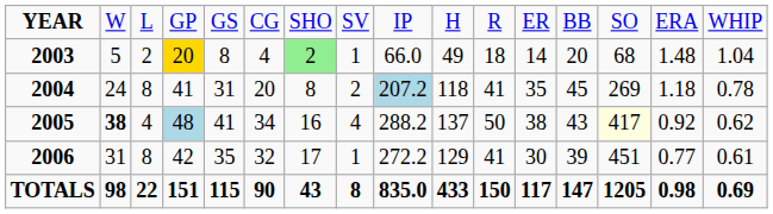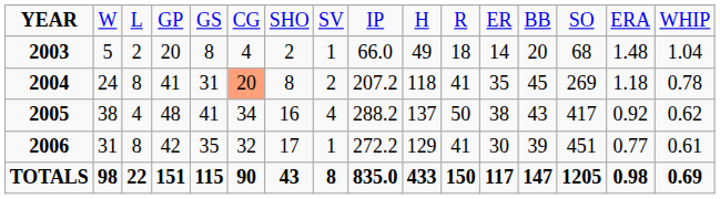 <table class="wikitable">
 <tr align=center>
 <td><strong>YEAR</strong></td>
 <td><a href='#'>W</a></td>
 <td><a href='#'>L</a></td>
 <td><a href='#'>GP</a></td>
 <td><a href='#'>GS</a></td>
 <td><a href='#'>CG</a></td>
 <td><a href='#'>SHO</a></td>
 <td><a href='#'>SV</a></td>
 <td><a href='#'>IP</a></td>
 <td><a href='#'>H</a></td>
 <td><a href='#'>R</a></td>
 <td><a href='#'>ER</a></td>
 <td><a href='#'>BB</a></td>
 <td><a href='#'>SO</a></td>
 <td><a href='#'>ERA</a></td>
 <td><a href='#'>WHIP</a></td>
 </tr>
 <tr align=center>
 <td><strong>2003</strong></td>
 <td>5</td>
 <td>2</td>
-<td style="background: gold;">20</td>
+<td>20</td>
 <td>8</td>
 <td>4</td>
-<td style="background: lightgreen;">2</td>
+<td>2</td>
 <td>1</td>
 <td>66.0</td>
 <td>49</td>
 <td>18</td>
 <td>14</td>
 <td>20</td>
 <td>68</td>
 <td>1.48</td>
 <td>1.04</td>
 </tr>
 <tr align=center>
 <td><strong>2004</strong></td>
 <td>24</td>
 <td>8</td>
 <td>41</td>
 <td>31</td>
-<td>20</td>
+<td style="background: lightsalmon;">20</td>
 <td>8</td>
 <td>2</td>
-<td style="background: lightblue;">207.2</td>
+<td>207.2</td>
 <td>118</td>
 <td>41</td>
 <td>35</td>
 <td>45</td>
 <td>269</td>
 <td>1.18</td>
 <td>0.78</td>
 </tr>
 <tr align=center>
 <td><strong>2005</strong></td>
-<td><strong>38</strong></td>
+<td>38</td>
 <td>4</td>
-<td style="background: lightblue;">48</td>
+<td>48</td>
 <td>41</td>
 <td>34</td>
 <td>16</td>
 <td>4</td>
 <td>288.2</td>
 <td>137</td>
 <td>50</td>
 <td>38</td>
 <td>43</td>
-<td style="background: lightyellow;">417</td>
+<td>417</td>
 <td>0.92</td>
 <td>0.62</td>
 </tr>
 <tr align=center>
 <td><strong>2006</strong></td>
 <td>31</td>
 <td>8</td>
 <td>42</td>
 <td>35</td>
 <td>32</td>
 <td>17</td>
 <td>1</td>
 <td>272.2</td>
 <td>129</td>
 <td>41</td>
 <td>30</td>
 <td>39</td>
 <td>451</td>
 <td>0.77</td>
 <td>0.61</td>
 </tr>
 <tr align=center>
 <td><strong>TOTALS</strong></td>
 <td><strong>98</strong></td>
 <td><strong>22</strong></td>
 <td><strong>151</strong></td>
 <td><strong>115</strong></td>
 <td><strong>90</strong></td>
 <td><strong>43</strong></td>
 <td><strong>8</strong></td>
 <td><strong>835.0</strong></td>
 <td><strong>433</strong></td>
 <td><strong>150</strong></td>
 <td><strong>117</strong></td>
 <td><strong>147</strong></td>
 <td><strong>1205</strong></td>
 <td><strong>0.98</strong></td>
 <td><strong>0.69</strong></td>
 </tr>
 </table>
